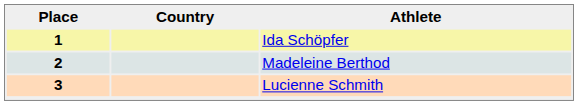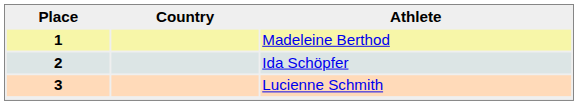 <table style="border-style:solid;border-width:1px;border-color:#808080;background-color:#EFEFEF" cellspacing="2" cellpadding="2" width="600">
 <tr bgcolor="#EFEFEF">
 <th>Place</th>
 <th>Country</th>
 <th>Athlete</th>
 </tr>
 <tr align="center" valign="top" bgcolor="#F7F6A8">
 <th>1</th>
 <td align=left></td>
-<td align="left"><a href='#'>Ida Schöpfer</a></td>
+<td align="left"><a href='#'>Madeleine Berthod</a></td>
 </tr>
 <tr align="center" valign="top" bgcolor="#DCE5E5">
 <th>2</th>
 <td align=left></td>
-<td align="left"><a href='#'>Madeleine Berthod</a></td>
+<td align="left"><a href='#'>Ida Schöpfer</a></td>
 </tr>
 <tr align="center" valign="top" bgcolor="#FFDAB9">
 <th>3</th>
 <td align=left></td>
 <td align="left"><a href='#'>Lucienne Schmith</a></td>
 </tr>
 <tr align="center" valign="top" bgcolor="#FFFFFF">
 </tr>
 </table>
